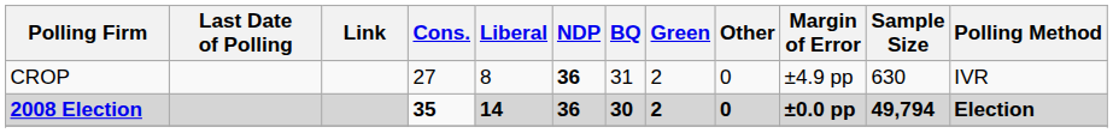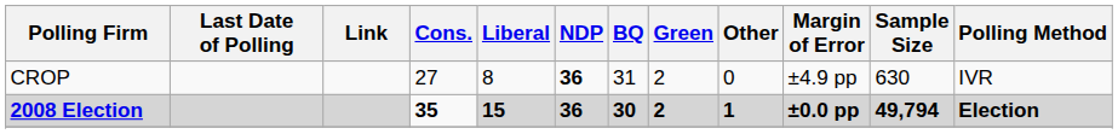 <table class="wikitable sortable">
 <tr style="background:#e9e9e9;">
 <th style="width:120px">Polling Firm</th>
 <th style="width:110px">Last Date<br>of Polling</th>
 <th style="width:60px" class="unsortable">Link</th>
 <th style="background-color:"><strong><a href='#'>Cons.</a></strong></th>
 <th style="background-color:"><strong><a href='#'>Liberal</a></strong></th>
 <th style="background-color:"><strong><a href='#'>NDP</a></strong></th>
 <th style="background-color:"><strong><a href='#'>BQ</a></strong></th>
 <th style="background-color:"><strong><a href='#'>Green</a></strong></th>
 <th style="background-color:"><strong>Other</strong></th>
 <th style="width:60px;" class=unsortable>Margin<br>of Error</th>
 <th style="width:50px;" class=unsortable>Sample<br>Size</th>
 <th class=unsortable>Polling Method</th>
 </tr>
 <tr>
 <td>CROP</td>
 <td></td>
 <td></td>
 <td>27</td>
 <td>8</td>
 <td><strong>36</strong></td>
 <td>31</td>
 <td>2</td>
 <td>0</td>
 <td>±4.9 pp</td>
 <td>630</td>
 <td>IVR</td>
 </tr>
 <tr>
 <td style="background:#D5D5D5"><strong><a href='#'>2008 Election</a></strong></td>
 <td style="background:#D5D5D5"><strong></strong></td>
 <td style="background:#D5D5D5"></td>
 <td><strong>35</strong></td>
-<td style="background:#D5D5D5"><strong>14</strong></td>
+<td style="background:#D5D5D5"><strong>15</strong></td>
 <td style="background:#D5D5D5"><strong>36</strong></td>
 <td style="background:#D5D5D5"><strong>30</strong></td>
 <td style="background:#D5D5D5"><strong>2</strong></td>
-<td style="background:#D5D5D5"><strong>0</strong></td>
+<td style="background:#D5D5D5"><strong>1</strong></td>
 <td style="background:#D5D5D5"><strong>±0.0 pp</strong></td>
 <td style="background:#D5D5D5"><strong>49,794</strong></td>
 <td style="background:#D5D5D5"><strong>Election</strong></td>
 </tr>
 <tr>
 </tr>
 <tr>
 </tr>
 </table>
